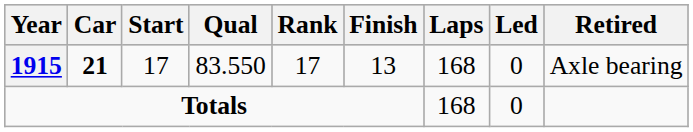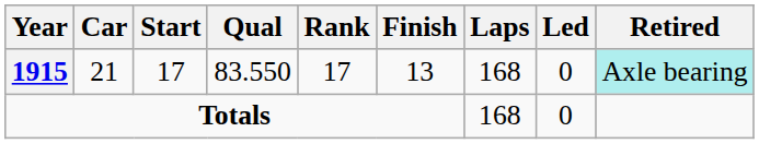 <table class="wikitable" style="text-align:center">
 <tr>
 <th>Year</th>
 <th>Car</th>
 <th>Start</th>
 <th>Qual</th>
 <th>Rank</th>
 <th>Finish</th>
 <th>Laps</th>
 <th>Led</th>
 <th>Retired</th>
 </tr>
 <tr>
 <th><a href='#'>1915</a></th>
-<td><strong>21</strong></td>
+<td>21</td>
 <td>17</td>
 <td>83.550</td>
 <td>17</td>
 <td>13</td>
 <td>168</td>
 <td>0</td>
-<td>Axle bearing</td>
+<td style="background: paleturquoise;">Axle bearing</td>
 </tr>
 <tr>
 <td colspan=6><strong>Totals</strong></td>
 <td>168</td>
 <td>0</td>
 <td></td>
 </tr>
 </table>
